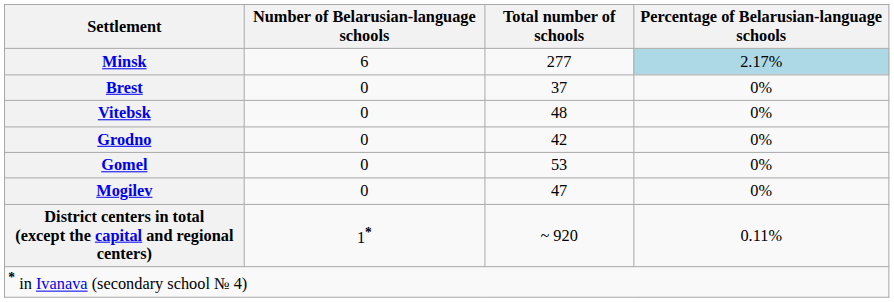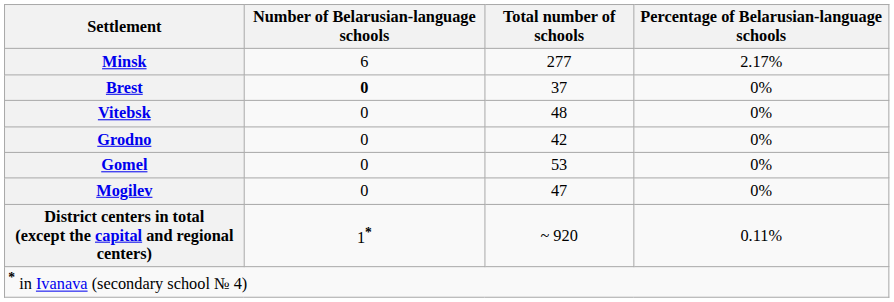 <table class="wikitable" style="text-align: center;">
 <tr>
 <th>Settlement</th>
 <th>Number of Belarusian-language schools</th>
 <th>Total number of schools</th>
 <th>Percentage of Belarusian-language schools</th>
 </tr>
 <tr>
 <th scope=row><a href='#'>Minsk</a></th>
 <td>6</td>
 <td>277</td>
-<td style="background: lightblue;">2.17%</td>
+<td>2.17%</td>
 </tr>
 <tr>
 <th scope=row><a href='#'>Brest</a></th>
-<td>0</td>
+<td><strong>0</strong></td>
 <td>37</td>
 <td>0%</td>
 </tr>
 <tr>
 <th scope=row><a href='#'>Vitebsk</a></th>
 <td>0</td>
 <td>48</td>
 <td>0%</td>
 </tr>
 <tr>
 <th scope=row><a href='#'>Grodno</a></th>
 <td>0</td>
 <td>42</td>
 <td>0%</td>
 </tr>
 <tr>
 <th scope=row><a href='#'>Gomel</a></th>
 <td>0</td>
 <td>53</td>
 <td>0%</td>
 </tr>
 <tr>
 <th scope=row><a href='#'>Mogilev</a></th>
 <td>0</td>
 <td>47</td>
 <td>0%</td>
 </tr>
 <tr>
 <th scope=row>District centers in total<br> (except the <a href='#'>capital</a> and regional centers)</th>
 <td>1<sup><strong>*</strong></sup></td>
 <td>~ 920</td>
 <td>0.11%</td>
 </tr>
 <tr>
 <td colspan="4" style="text-align: left;"><sup><strong>*</strong></sup> in <a href='#'>Ivanava</a> (secondary school № 4)</td>
 </tr>
 </table>
